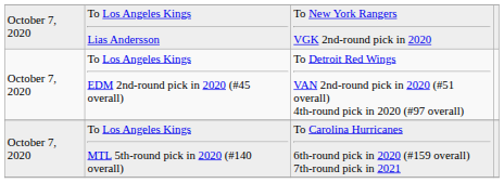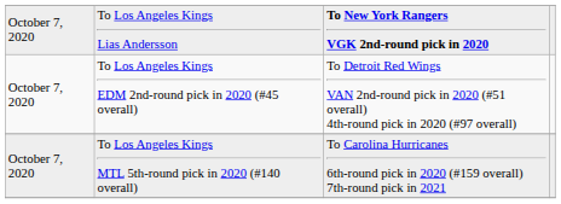 <table cellspacing=0 class="wikitable" style="border:1px solid #999999; width:680px;">
 <tr>
 </tr>
 <tr bgcolor="eeeeee">
 <td>October 7, 2020</td>
 <td valign="top">To <a href='#'>Los Angeles Kings</a><hr><a href='#'>Lias Andersson</a></td>
-<td valign="top">To <a href='#'>New York Rangers</a><hr><a href='#'>VGK</a> 2nd-round pick in <a href='#'>2020</a></td>
+<td valign="top"><strong>To <a href='#'>New York Rangers</a><hr><a href='#'>VGK</a> 2nd-round pick in <a href='#'>2020</a></strong></td>
 <td></td>
 </tr>
 <tr>
 <td>October 7, 2020</td>
 <td valign="top">To <a href='#'>Los Angeles Kings</a><hr><a href='#'>EDM</a> 2nd-round pick in <a href='#'>2020</a> (#45 overall)</td>
 <td valign="top">To <a href='#'>Detroit Red Wings</a><hr><a href='#'>VAN</a> 2nd-round pick in <a href='#'>2020</a> (#51 overall)<br>4th-round pick in 2020 (#97 overall)</td>
 <td></td>
 </tr>
 <tr>
 </tr>
 <tr bgcolor="eeeeee">
 <td>October 7, 2020</td>
 <td valign="top">To <a href='#'>Los Angeles Kings</a><hr><a href='#'>MTL</a> 5th-round pick in <a href='#'>2020</a> (#140 overall)</td>
 <td valign="top">To <a href='#'>Carolina Hurricanes</a><hr>6th-round pick in <a href='#'>2020</a> (#159 overall)<br> 7th-round pick in <a href='#'>2021</a></td>
 <td></td>
 </tr>
 <tr>
 </tr>
 </table>
